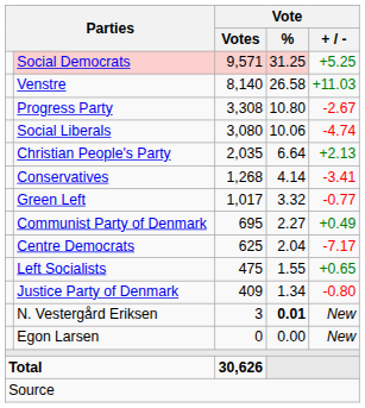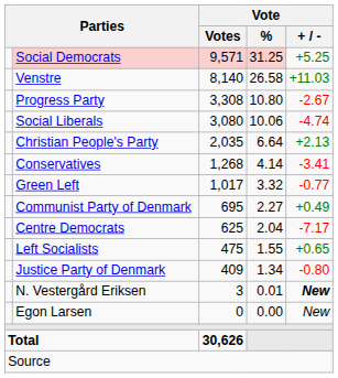 <table class="wikitable" style="text-align:right;">
 <tr>
 <th style="text-align:centre;" rowspan="2" colspan="2" width="225">Parties</th>
 <th colspan="3">Vote</th>
 </tr>
 <tr>
 <th width="15">Votes</th>
 <th width="15">%</th>
 <th width="15">+ / -</th>
 </tr>
 <tr>
 <td width="2" style="color:inherit;background:"></td>
 <td bgcolor=#fbd0ce  align="left"><a href='#'>Social Democrats</a></td>
 <td bgcolor=#fbd0ce>9,571</td>
 <td bgcolor=#fbd0ce>31.25</td>
 <td style=color:green;>+5.25</td>
 </tr>
 <tr>
 <td width="2" style="color:inherit;background:"></td>
 <td align="left"><a href='#'>Venstre</a></td>
 <td>8,140</td>
 <td>26.58</td>
 <td style=color:green;>+11.03</td>
 </tr>
 <tr>
 <td width="2" style="color:inherit;background:"></td>
 <td align="left"><a href='#'>Progress Party</a></td>
 <td>3,308</td>
 <td>10.80</td>
 <td style=color:red;>-2.67</td>
 </tr>
 <tr>
 <td width="2" style="color:inherit;background:"></td>
 <td align="left"><a href='#'>Social Liberals</a></td>
 <td>3,080</td>
 <td>10.06</td>
 <td style=color:red;>-4.74</td>
 </tr>
 <tr>
 <td width="2" style="color:inherit;background:"></td>
 <td align="left"><a href='#'>Christian People's Party</a></td>
 <td>2,035</td>
 <td>6.64</td>
 <td style=color:green;>+2.13</td>
 </tr>
 <tr>
 <td width="2" style="color:inherit;background:"></td>
 <td align="left"><a href='#'>Conservatives</a></td>
 <td>1,268</td>
 <td>4.14</td>
 <td style=color:red;>-3.41</td>
 </tr>
 <tr>
 <td width="2" style="color:inherit;background:"></td>
 <td align="left"><a href='#'>Green Left</a></td>
 <td>1,017</td>
 <td>3.32</td>
 <td style=color:red;>-0.77</td>
 </tr>
 <tr>
 <td width="2" style="color:inherit;background:"></td>
 <td align="left"><a href='#'>Communist Party of Denmark</a></td>
 <td>695</td>
 <td>2.27</td>
 <td style=color:green;>+0.49</td>
 </tr>
 <tr>
 <td width="2" style="color:inherit;background:"></td>
 <td align="left"><a href='#'>Centre Democrats</a></td>
 <td>625</td>
 <td>2.04</td>
 <td style=color:red;>-7.17</td>
 </tr>
 <tr>
 <td width="2" style="color:inherit;background:"></td>
 <td align="left"><a href='#'>Left Socialists</a></td>
 <td>475</td>
 <td>1.55</td>
 <td style=color:green;>+0.65</td>
 </tr>
 <tr>
 <td width="2" style="color:inherit;background:"></td>
 <td align="left"><a href='#'>Justice Party of Denmark</a></td>
 <td>409</td>
 <td>1.34</td>
 <td style=color:red;>-0.80</td>
 </tr>
 <tr>
 <td width="2" style="color:inherit;background:"></td>
 <td align="left">N. Vestergård Eriksen</td>
 <td>3</td>
-<td><strong>0.01</strong></td>
-<td><em>New</em></td>
+<td>0.01</td>
+<td><strong><em>New</em></strong></td>
 </tr>
 <tr>
 <td width="2" style="color:inherit;background:"></td>
 <td align="left">Egon Larsen</td>
 <td>0</td>
 <td>0.00</td>
 <td><em>New</em></td>
 </tr>
 <tr>
 <td colspan="7" bgcolor="#E9E9E9"></td>
 </tr>
 <tr>
 <td align="left" colspan="2"><strong>Total</strong></td>
 <td><strong>30,626</strong></td>
 <td bgcolor="#E9E9E9" colspan="2"></td>
 </tr>
 <tr>
 <td align="left" colspan="6">Source</td>
 </tr>
 </table>
